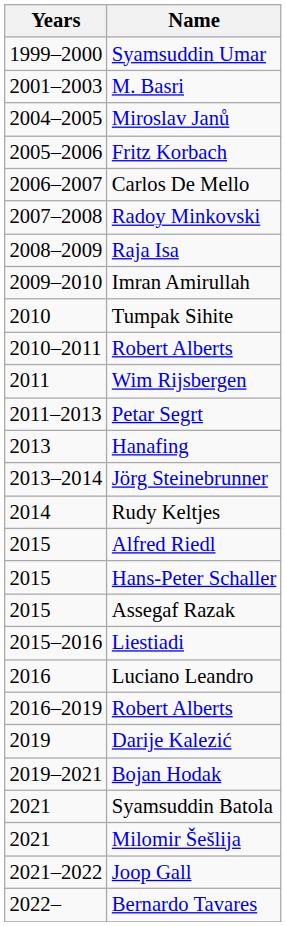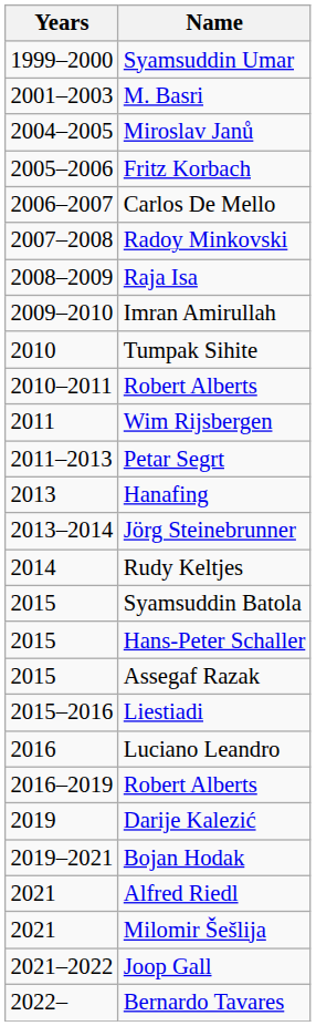 <table class="wikitable">
 <tr>
 <th>Years</th>
 <th>Name</th>
 </tr>
 <tr>
 <td>1999–2000</td>
 <td> <a href='#'>Syamsuddin Umar</a></td>
 </tr>
 <tr>
 <td>2001–2003</td>
 <td> <a href='#'>M. Basri</a></td>
 </tr>
 <tr>
 <td>2004–2005</td>
 <td> <a href='#'>Miroslav Janů</a></td>
 </tr>
 <tr>
 <td>2005–2006</td>
 <td> <a href='#'>Fritz Korbach</a></td>
 </tr>
 <tr>
 <td>2006–2007</td>
 <td> Carlos De Mello</td>
 </tr>
 <tr>
 <td>2007–2008</td>
 <td> <a href='#'>Radoy Minkovski</a></td>
 </tr>
 <tr>
 <td>2008–2009</td>
 <td> <a href='#'>Raja Isa</a></td>
 </tr>
 <tr>
 <td>2009–2010</td>
 <td> Imran Amirullah</td>
 </tr>
 <tr>
 <td>2010</td>
 <td> Tumpak Sihite</td>
 </tr>
 <tr>
 <td>2010–2011</td>
 <td> <a href='#'>Robert Alberts</a></td>
 </tr>
 <tr>
 <td>2011</td>
 <td> <a href='#'>Wim Rijsbergen</a></td>
 </tr>
 <tr>
 <td>2011–2013</td>
 <td> <a href='#'>Petar Segrt</a></td>
 </tr>
 <tr>
 <td>2013</td>
 <td> <a href='#'>Hanafing</a></td>
 </tr>
 <tr>
 <td>2013–2014</td>
 <td> <a href='#'>Jörg Steinebrunner</a></td>
 </tr>
 <tr>
 <td>2014</td>
 <td> Rudy Keltjes</td>
 </tr>
 <tr>
 <td>2015</td>
-<td> <a href='#'>Alfred Riedl</a></td>
+<td> Syamsuddin Batola</td>
 </tr>
 <tr>
 <td>2015</td>
 <td> <a href='#'>Hans-Peter Schaller</a></td>
 </tr>
 <tr>
 <td>2015</td>
 <td> Assegaf Razak</td>
 </tr>
 <tr>
 <td>2015–2016</td>
 <td> <a href='#'>Liestiadi</a></td>
 </tr>
 <tr>
 <td>2016</td>
 <td> Luciano Leandro</td>
 </tr>
 <tr>
 <td>2016–2019</td>
 <td> <a href='#'>Robert Alberts</a></td>
 </tr>
 <tr>
 <td>2019</td>
 <td> <a href='#'>Darije Kalezić</a></td>
 </tr>
 <tr>
 <td>2019–2021</td>
 <td> <a href='#'>Bojan Hodak</a></td>
 </tr>
 <tr>
 <td>2021</td>
-<td> Syamsuddin Batola</td>
+<td> <a href='#'>Alfred Riedl</a></td>
 </tr>
 <tr>
 <td>2021</td>
 <td> <a href='#'>Milomir Šešlija</a></td>
 </tr>
 <tr>
 <td>2021–2022</td>
 <td> <a href='#'>Joop Gall</a></td>
 </tr>
 <tr>
 <td>2022–</td>
 <td> <a href='#'>Bernardo Tavares</a></td>
 </tr>
 </table>
